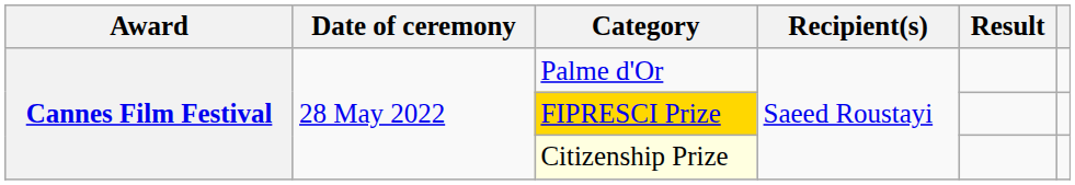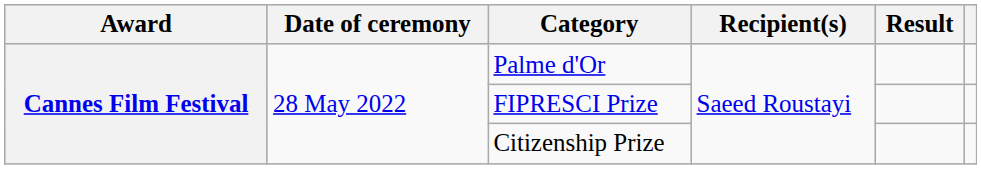 <table class="wikitable sortable plainrowheaders" style="width: 100%;">
 <tr>
 <th scope="col">Award</th>
 <th scope="col">Date of ceremony</th>
 <th scope="col">Category</th>
 <th scope="col">Recipient(s)</th>
 <th scope="col">Result</th>
 <th scope="col" class="unsortable"></th>
 </tr>
 <tr>
 <th scope="row" rowspan="3"><a href='#'>Cannes Film Festival</a></th>
 <td rowspan="3"><a href='#'>28 May 2022</a></td>
 <td><a href='#'>Palme d'Or</a></td>
 <td rowspan="3"><a href='#'>Saeed Roustayi</a></td>
 <td></td>
 <td></td>
 </tr>
 <tr>
-<td style="background: gold;"><a href='#'>FIPRESCI Prize</a></td>
+<td><a href='#'>FIPRESCI Prize</a></td>
 <td></td>
 <td></td>
 </tr>
 <tr>
-<td style="background: lightyellow;">Citizenship Prize</td>
+<td>Citizenship Prize</td>
 <td></td>
 <td></td>
 </tr>
 </table>
